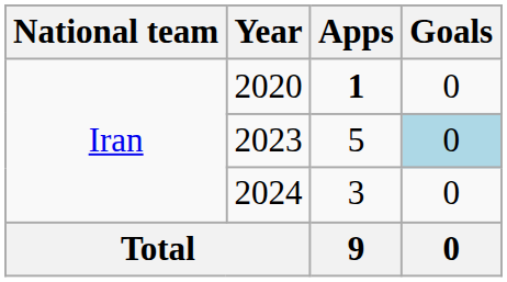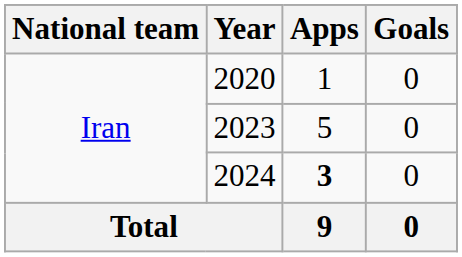 <table class="wikitable" style="text-align:center">
 <tr>
 <th>National team</th>
 <th>Year</th>
 <th>Apps</th>
 <th>Goals</th>
 </tr>
 <tr>
 <td rowspan="3"><a href='#'>Iran</a></td>
 <td>2020</td>
-<td><strong>1</strong></td>
+<td>1</td>
 <td>0</td>
 </tr>
 <tr>
 <td>2023</td>
 <td>5</td>
-<td style="background: lightblue;">0</td>
+<td>0</td>
 </tr>
 <tr>
 <td>2024</td>
-<td>3</td>
+<td><strong>3</strong></td>
 <td>0</td>
 </tr>
 <tr>
 <th colspan="2">Total</th>
 <th>9</th>
 <th>0</th>
 </tr>
 </table>
